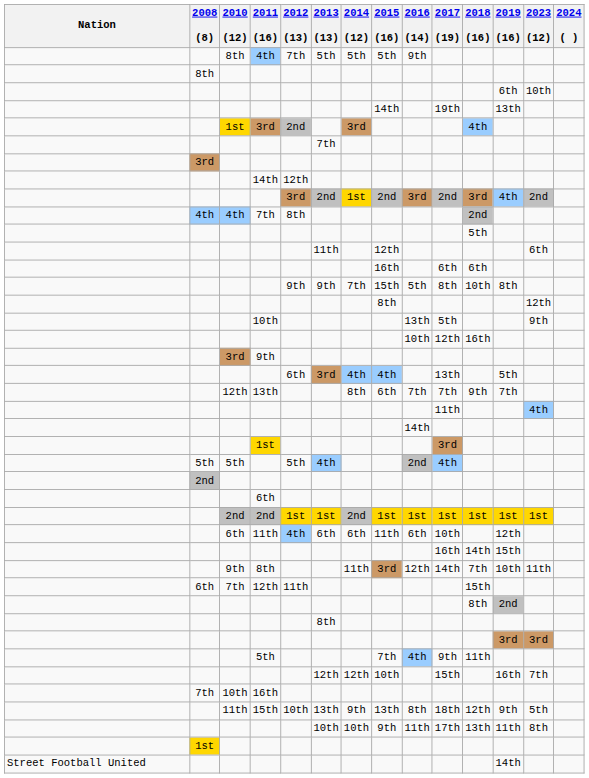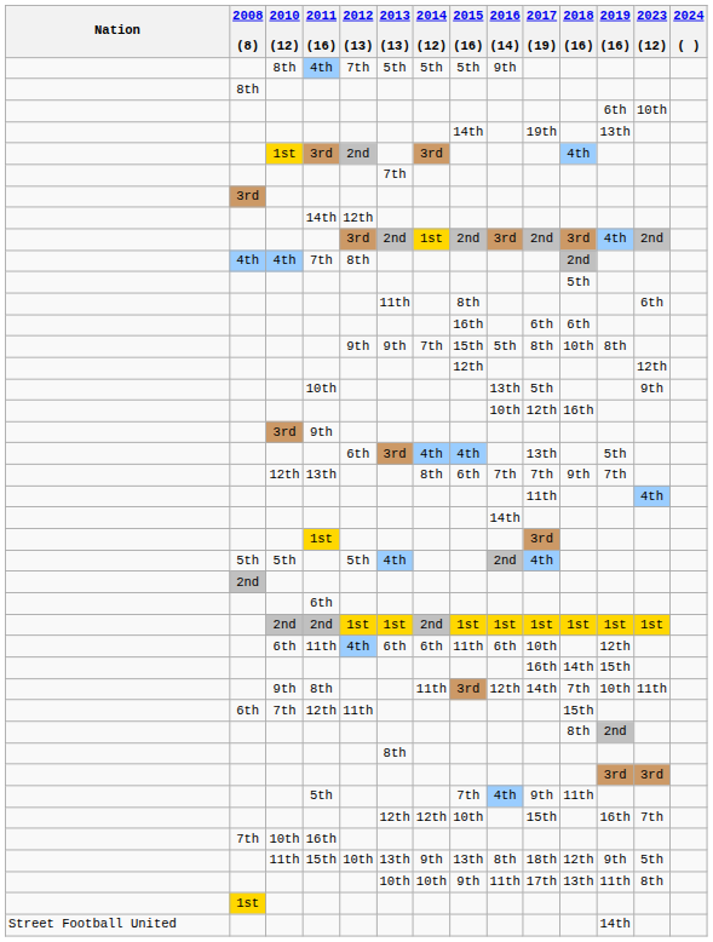 <table class="wikitable" style="text-align:center; font-size:90%">
 <tr>
 <th width=200>Nation</th>
 <th><a href='#'>2008</a><br><br>(8)</th>
 <th><a href='#'>2010</a><br><br>(12)</th>
 <th><a href='#'>2011</a><br><br>(16)</th>
 <th><a href='#'>2012</a><br><br>(13)</th>
 <th><a href='#'>2013</a><br><br>(13)</th>
 <th><a href='#'>2014</a><br><br>(12)</th>
 <th><a href='#'>2015</a><br><br>(16)</th>
 <th><a href='#'>2016</a><br><br>(14)</th>
 <th><a href='#'>2017</a><br><br>(19)</th>
 <th><a href='#'>2018</a><br><br>(16)</th>
 <th><a href='#'>2019</a><br><br>(16)</th>
 <th><a href='#'>2023</a><br><br>(12)</th>
 <th><a href='#'>2024</a><br><br>(  )</th>
 </tr>
 <tr>
 <td align=left></td>
 <td></td>
 <td>8th</td>
 <td bgcolor=#9acdff>4th</td>
 <td>7th</td>
 <td>5th</td>
 <td>5th</td>
 <td>5th</td>
 <td>9th</td>
 <td></td>
 <td></td>
 <td></td>
 <td></td>
 <td></td>
 </tr>
 <tr>
 <td align=left></td>
 <td>8th</td>
 <td></td>
 <td></td>
 <td></td>
 <td></td>
 <td></td>
 <td></td>
 <td></td>
 <td></td>
 <td></td>
 <td></td>
 <td></td>
 <td></td>
 </tr>
 <tr>
 <td align=left></td>
 <td></td>
 <td></td>
 <td></td>
 <td></td>
 <td></td>
 <td></td>
 <td></td>
 <td></td>
 <td></td>
 <td></td>
 <td>6th</td>
 <td>10th</td>
 <td></td>
 </tr>
 <tr>
 <td align=left></td>
 <td></td>
 <td></td>
 <td></td>
 <td></td>
 <td></td>
 <td></td>
 <td>14th</td>
 <td></td>
 <td>19th</td>
 <td></td>
 <td>13th</td>
 <td></td>
 <td></td>
 </tr>
 <tr>
 <td align=left></td>
 <td></td>
 <td bgcolor=gold>1st</td>
 <td bgcolor=cc9966>3rd</td>
 <td bgcolor=silver>2nd</td>
 <td></td>
 <td bgcolor=cc9966>3rd</td>
 <td></td>
 <td></td>
 <td></td>
 <td bgcolor=#9acdff>4th</td>
 <td></td>
 <td></td>
 <td></td>
 </tr>
 <tr>
 <td align=left></td>
 <td></td>
 <td></td>
 <td></td>
 <td></td>
 <td>7th</td>
 <td></td>
 <td></td>
 <td></td>
 <td></td>
 <td></td>
 <td></td>
 <td></td>
 <td></td>
 </tr>
 <tr>
 <td align=left></td>
 <td bgcolor=cc9966>3rd</td>
 <td></td>
 <td></td>
 <td></td>
 <td></td>
 <td></td>
 <td></td>
 <td></td>
 <td></td>
 <td></td>
 <td></td>
 <td></td>
 <td></td>
 </tr>
 <tr>
 <td align=left></td>
 <td></td>
 <td></td>
 <td>14th</td>
 <td>12th</td>
 <td></td>
 <td></td>
 <td></td>
 <td></td>
 <td></td>
 <td></td>
 <td></td>
 <td></td>
 <td></td>
 </tr>
 <tr>
 <td align=left></td>
 <td></td>
 <td></td>
 <td></td>
 <td bgcolor=cc9966>3rd</td>
 <td bgcolor=silver>2nd</td>
 <td bgcolor=gold>1st</td>
 <td bgcolor=silver>2nd</td>
 <td bgcolor=cc9966>3rd</td>
 <td bgcolor=silver>2nd</td>
 <td bgcolor=cc9966>3rd</td>
 <td bgcolor=#9acdff>4th</td>
 <td bgcolor=silver>2nd</td>
 <td></td>
 </tr>
 <tr>
 <td align=left></td>
 <td bgcolor=#9acdff>4th</td>
 <td bgcolor=#9acdff>4th</td>
 <td>7th</td>
 <td>8th</td>
 <td></td>
 <td></td>
 <td></td>
 <td></td>
 <td></td>
 <td bgcolor=silver>2nd</td>
 <td></td>
 <td></td>
 <td></td>
 </tr>
 <tr>
 <td align=left></td>
 <td></td>
 <td></td>
 <td></td>
 <td></td>
 <td></td>
 <td></td>
 <td></td>
 <td></td>
 <td></td>
 <td>5th</td>
 <td></td>
 <td></td>
 <td></td>
 </tr>
 <tr>
 <td align=left></td>
 <td></td>
 <td></td>
 <td></td>
 <td></td>
 <td>11th</td>
 <td></td>
-<td>12th</td>
+<td>8th</td>
 <td></td>
 <td></td>
 <td></td>
 <td></td>
 <td>6th</td>
 <td></td>
 </tr>
 <tr>
 <td align=left></td>
 <td></td>
 <td></td>
 <td></td>
 <td></td>
 <td></td>
 <td></td>
 <td>16th</td>
 <td></td>
 <td>6th</td>
 <td>6th</td>
 <td></td>
 <td></td>
 <td></td>
 </tr>
 <tr>
 <td align=left></td>
 <td></td>
 <td></td>
 <td></td>
 <td>9th</td>
 <td>9th</td>
 <td>7th</td>
 <td>15th</td>
 <td>5th</td>
 <td>8th</td>
 <td>10th</td>
 <td>8th</td>
 <td></td>
 <td></td>
 </tr>
 <tr>
 <td align=left></td>
 <td></td>
 <td></td>
 <td></td>
 <td></td>
 <td></td>
 <td></td>
-<td>8th</td>
+<td>12th</td>
 <td></td>
 <td></td>
 <td></td>
 <td></td>
 <td>12th</td>
 <td></td>
 </tr>
 <tr>
 <td align=left></td>
 <td></td>
 <td></td>
 <td>10th</td>
 <td></td>
 <td></td>
 <td></td>
 <td></td>
 <td>13th</td>
 <td>5th</td>
 <td></td>
 <td></td>
 <td>9th</td>
 <td></td>
 </tr>
 <tr>
 <td align=left></td>
 <td></td>
 <td></td>
 <td></td>
 <td></td>
 <td></td>
 <td></td>
 <td></td>
 <td>10th</td>
 <td>12th</td>
 <td>16th</td>
 <td></td>
 <td></td>
 <td></td>
 </tr>
 <tr>
 <td align=left></td>
 <td></td>
 <td bgcolor=cc9966>3rd</td>
 <td>9th</td>
 <td></td>
 <td></td>
 <td></td>
 <td></td>
 <td></td>
 <td></td>
 <td></td>
 <td></td>
 <td></td>
 <td></td>
 </tr>
 <tr>
 <td align=left></td>
 <td></td>
 <td></td>
 <td></td>
 <td>6th</td>
 <td bgcolor=cc9966>3rd</td>
 <td bgcolor=#9acdff>4th</td>
 <td bgcolor=#9acdff>4th</td>
 <td></td>
 <td>13th</td>
 <td></td>
 <td>5th</td>
 <td></td>
 <td></td>
 </tr>
 <tr>
 <td align=left></td>
 <td></td>
 <td>12th</td>
 <td>13th</td>
 <td></td>
 <td></td>
 <td>8th</td>
 <td>6th</td>
 <td>7th</td>
 <td>7th</td>
 <td>9th</td>
 <td>7th</td>
 <td></td>
 <td></td>
 </tr>
 <tr>
 <td align=left></td>
 <td></td>
 <td></td>
 <td></td>
 <td></td>
 <td></td>
 <td></td>
 <td></td>
 <td></td>
 <td>11th</td>
 <td></td>
 <td></td>
 <td bgcolor=#9acdff>4th</td>
 <td></td>
 </tr>
 <tr>
 <td align=left></td>
 <td></td>
 <td></td>
 <td></td>
 <td></td>
 <td></td>
 <td></td>
 <td></td>
 <td>14th</td>
 <td></td>
 <td></td>
 <td></td>
 <td></td>
 <td></td>
 </tr>
 <tr>
 <td align=left></td>
 <td></td>
 <td></td>
 <td bgcolor=gold>1st</td>
 <td></td>
 <td></td>
 <td></td>
 <td></td>
 <td></td>
 <td bgcolor=cc9966>3rd</td>
 <td></td>
 <td></td>
 <td></td>
 <td></td>
 </tr>
 <tr>
 <td align=left></td>
 <td>5th</td>
 <td>5th</td>
 <td></td>
 <td>5th</td>
 <td bgcolor=#9acdff>4th</td>
 <td></td>
 <td></td>
 <td bgcolor=silver>2nd</td>
 <td bgcolor=#9acdff>4th</td>
 <td></td>
 <td></td>
 <td></td>
 <td></td>
 </tr>
 <tr>
 <td align=left></td>
 <td bgcolor=silver>2nd</td>
 <td></td>
 <td></td>
 <td></td>
 <td></td>
 <td></td>
 <td></td>
 <td></td>
 <td></td>
 <td></td>
 <td></td>
 <td></td>
 <td></td>
 </tr>
 <tr>
 <td align=left></td>
 <td></td>
 <td></td>
 <td>6th</td>
 <td></td>
 <td></td>
 <td></td>
 <td></td>
 <td></td>
 <td></td>
 <td></td>
 <td></td>
 <td></td>
 <td></td>
 </tr>
 <tr>
 <td align=left></td>
 <td></td>
 <td bgcolor=silver>2nd</td>
 <td bgcolor=silver>2nd</td>
 <td bgcolor=gold>1st</td>
 <td bgcolor=gold>1st</td>
 <td bgcolor=silver>2nd</td>
 <td bgcolor=gold>1st</td>
 <td bgcolor=gold>1st</td>
 <td bgcolor=gold>1st</td>
 <td bgcolor=gold>1st</td>
 <td bgcolor=gold>1st</td>
 <td bgcolor=gold>1st</td>
 <td></td>
 </tr>
 <tr>
 <td align=left></td>
 <td></td>
 <td>6th</td>
 <td>11th</td>
 <td bgcolor=#9acdff>4th</td>
 <td>6th</td>
 <td>6th</td>
 <td>11th</td>
 <td>6th</td>
 <td>10th</td>
 <td></td>
 <td>12th</td>
 <td></td>
 <td></td>
 </tr>
 <tr>
 <td align=left></td>
 <td></td>
 <td></td>
 <td></td>
 <td></td>
 <td></td>
 <td></td>
 <td></td>
 <td></td>
 <td>16th</td>
 <td>14th</td>
 <td>15th</td>
 <td></td>
 <td></td>
 </tr>
 <tr>
 <td align=left></td>
 <td></td>
 <td>9th</td>
 <td>8th</td>
 <td></td>
 <td></td>
 <td>11th</td>
 <td bgcolor=cc9966>3rd</td>
 <td>12th</td>
 <td>14th</td>
 <td>7th</td>
 <td>10th</td>
 <td>11th</td>
 <td></td>
 </tr>
 <tr>
 <td align=left></td>
 <td>6th</td>
 <td>7th</td>
 <td>12th</td>
 <td>11th</td>
 <td></td>
 <td></td>
 <td></td>
 <td></td>
 <td></td>
 <td>15th</td>
 <td></td>
 <td></td>
 <td></td>
 </tr>
 <tr>
 <td align=left></td>
 <td></td>
 <td></td>
 <td></td>
 <td></td>
 <td></td>
 <td></td>
 <td></td>
 <td></td>
 <td></td>
 <td>8th</td>
 <td bgcolor=silver>2nd</td>
 <td></td>
 <td></td>
 </tr>
 <tr>
 <td align=left></td>
 <td></td>
 <td></td>
 <td></td>
 <td></td>
 <td>8th</td>
 <td></td>
 <td></td>
 <td></td>
 <td></td>
 <td></td>
 <td></td>
 <td></td>
 <td></td>
 </tr>
 <tr>
 <td align=left></td>
 <td></td>
 <td></td>
 <td></td>
 <td></td>
 <td></td>
 <td></td>
 <td></td>
 <td></td>
 <td></td>
 <td></td>
 <td bgcolor=cc9966>3rd</td>
 <td bgcolor=cc9966>3rd</td>
 <td></td>
 </tr>
 <tr>
 <td align=left></td>
 <td></td>
 <td></td>
 <td>5th</td>
 <td></td>
 <td></td>
 <td></td>
 <td>7th</td>
 <td bgcolor=#9acdff>4th</td>
 <td>9th</td>
 <td>11th</td>
 <td></td>
 <td></td>
 <td></td>
 </tr>
 <tr>
 <td align=left></td>
 <td></td>
 <td></td>
 <td></td>
 <td></td>
 <td>12th</td>
 <td>12th</td>
 <td>10th</td>
 <td></td>
 <td>15th</td>
 <td></td>
 <td>16th</td>
 <td>7th</td>
 <td></td>
 </tr>
 <tr>
 <td align=left></td>
 <td>7th</td>
 <td>10th</td>
 <td>16th</td>
 <td></td>
 <td></td>
 <td></td>
 <td></td>
 <td></td>
 <td></td>
 <td></td>
 <td></td>
 <td></td>
 <td></td>
 </tr>
 <tr>
 <td align=left></td>
 <td></td>
 <td>11th</td>
 <td>15th</td>
 <td>10th</td>
 <td>13th</td>
 <td>9th</td>
 <td>13th</td>
 <td>8th</td>
 <td>18th</td>
 <td>12th</td>
 <td>9th</td>
 <td>5th</td>
 <td></td>
 </tr>
 <tr>
 <td align=left></td>
 <td></td>
 <td></td>
 <td></td>
 <td></td>
 <td>10th</td>
 <td>10th</td>
 <td>9th</td>
 <td>11th</td>
 <td>17th</td>
 <td>13th</td>
 <td>11th</td>
 <td>8th</td>
 <td></td>
 </tr>
 <tr>
 <td align=left></td>
 <td bgcolor=gold>1st</td>
 <td></td>
 <td></td>
 <td></td>
 <td></td>
 <td></td>
 <td></td>
 <td></td>
 <td></td>
 <td></td>
 <td></td>
 <td></td>
 <td></td>
 </tr>
 <tr>
 <td align=left>Street Football United</td>
 <td></td>
 <td></td>
 <td></td>
 <td></td>
 <td></td>
 <td></td>
 <td></td>
 <td></td>
 <td></td>
 <td></td>
 <td>14th</td>
 <td></td>
 <td></td>
 </tr>
 </table>
